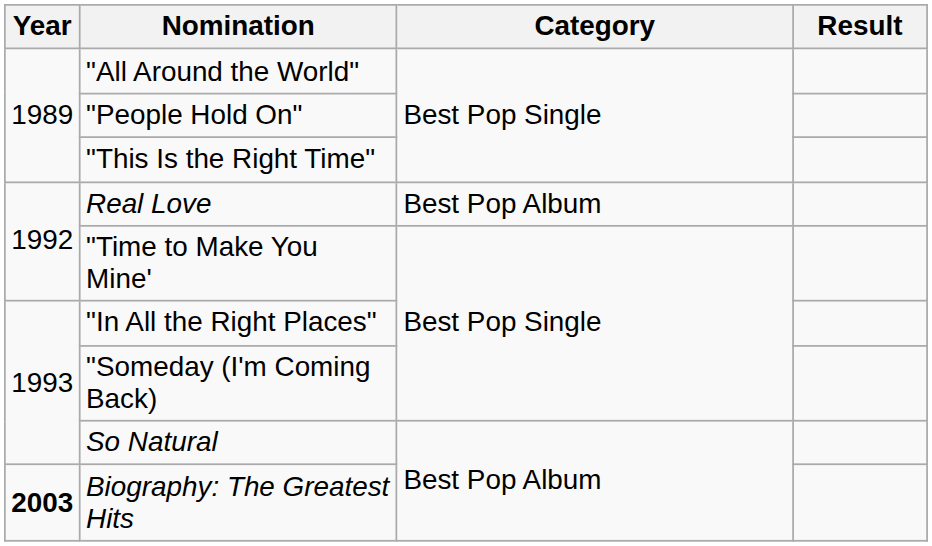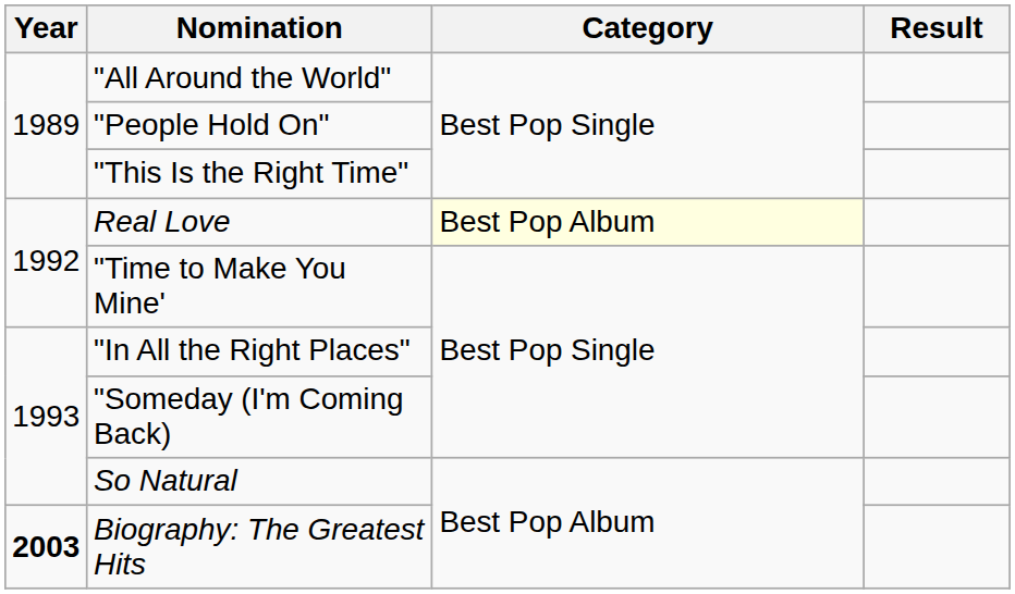 <table class="wikitable">
 <tr>
 <th width="30">Year</th>
 <th width="175">Nomination</th>
 <th width="220">Category</th>
 <th width="70">Result</th>
 </tr>
 <tr>
 <td rowspan="3">1989</td>
 <td>"All Around the World"</td>
 <td rowspan="3">Best Pop Single</td>
 <td></td>
 </tr>
 <tr>
 <td>"People Hold On"</td>
 <td></td>
 </tr>
 <tr>
 <td>"This Is the Right Time"</td>
 <td></td>
 </tr>
 <tr>
 <td rowspan="2">1992</td>
 <td><em>Real Love</em></td>
-<td>Best Pop Album</td>
+<td style="background: lightyellow;">Best Pop Album</td>
 <td></td>
 </tr>
 <tr>
 <td>"Time to Make You Mine'</td>
 <td rowspan="3">Best Pop Single</td>
 <td></td>
 </tr>
 <tr>
 <td rowspan="3">1993</td>
 <td>"In All the Right Places"</td>
 <td></td>
 </tr>
 <tr>
 <td>"Someday (I'm Coming Back)</td>
 <td></td>
 </tr>
 <tr>
 <td><em>So Natural</em></td>
 <td rowspan="2">Best Pop Album</td>
 <td></td>
 </tr>
 <tr>
 <td><strong>2003</strong></td>
 <td><em>Biography: The Greatest Hits</em></td>
 <td></td>
 </tr>
 </table>
